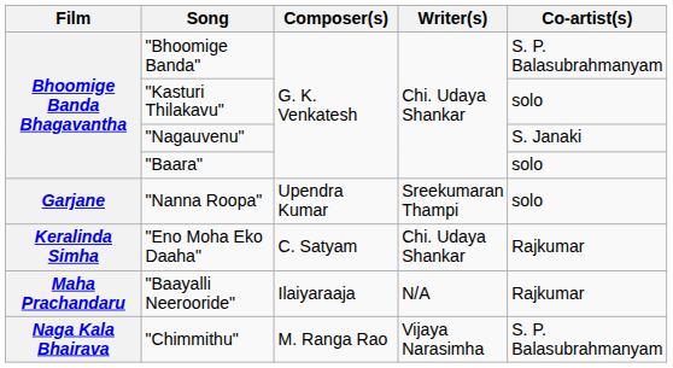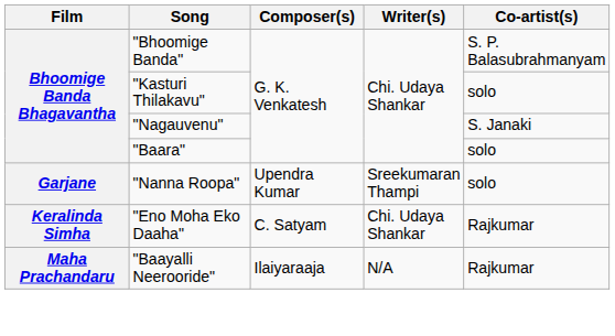 <table class="wikitable plainrowheaders" width="100%" textcolor:#000;">
 <tr style="background:#b0e0e66;">
 <th scope="col" width=23%><strong>Film</strong></th>
 <th scope="col" width=23%><strong>Song</strong></th>
 <th scope="col" width=20%><strong>Composer(s)</strong></th>
 <th scope="col" width=16%><strong>Writer(s)</strong></th>
 <th scope="col" width=18%><strong>Co-artist(s)</strong></th>
 </tr>
 <tr>
 <th Rowspan=4><em><a href='#'>Bhoomige Banda Bhagavantha</a></em></th>
 <td>"Bhoomige Banda"</td>
 <td rowspan=4>G. K. Venkatesh</td>
 <td rowspan=4>Chi. Udaya Shankar</td>
 <td rowspan=>S. P. Balasubrahmanyam</td>
 </tr>
 <tr>
 <td>"Kasturi Thilakavu"</td>
 <td>solo</td>
 </tr>
 <tr>
 <td>"Nagauvenu"</td>
 <td>S. Janaki</td>
 </tr>
 <tr>
 <td>"Baara"</td>
 <td>solo</td>
 </tr>
 <tr>
 <th Rowspan=><em><a href='#'>Garjane</a></em></th>
 <td>"Nanna Roopa"</td>
 <td>Upendra Kumar</td>
 <td>Sreekumaran Thampi</td>
 <td>solo</td>
 </tr>
 <tr>
 <th><em><a href='#'>Keralinda Simha</a></em></th>
 <td>"Eno Moha Eko Daaha"</td>
 <td>C. Satyam</td>
 <td>Chi. Udaya Shankar</td>
 <td>Rajkumar</td>
 </tr>
 <tr>
 <th rowspan=><em><a href='#'>Maha Prachandaru</a></em></th>
 <td>"Baayalli Neerooride"</td>
 <td>Ilaiyaraaja</td>
 <td>N/A</td>
 <td>Rajkumar</td>
 </tr>
-<tr>
-<th><em><a href='#'>Naga Kala Bhairava</a></em></th>
-<td>"Chimmithu"</td>
-<td>M. Ranga Rao</td>
-<td>Vijaya Narasimha</td>
-<td>S. P. Balasubrahmanyam</td>
-</tr>
 </table>
